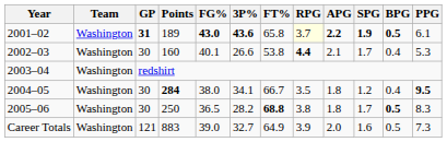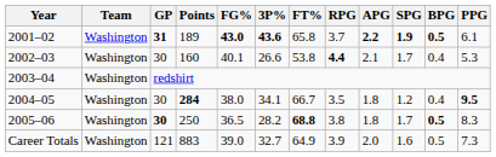 <table class="wikitable">
 <tr>
 <th>Year</th>
 <th>Team</th>
 <th>GP</th>
 <th>Points</th>
 <th>FG%</th>
 <th>3P%</th>
 <th>FT%</th>
 <th>RPG</th>
 <th>APG</th>
 <th>SPG</th>
 <th>BPG</th>
 <th>PPG</th>
 </tr>
 <tr>
 <td>2001–02</td>
 <td><a href='#'>Washington</a></td>
 <td><strong>31</strong></td>
 <td>189</td>
 <td><strong>43.0</strong></td>
 <td><strong>43.6</strong></td>
 <td>65.8</td>
-<td style="background: lightyellow;">3.7</td>
+<td>3.7</td>
 <td><strong>2.2</strong></td>
 <td><strong>1.9</strong></td>
 <td><strong>0.5</strong></td>
 <td>6.1</td>
 </tr>
 <tr>
 <td>2002–03</td>
 <td>Washington</td>
 <td>30</td>
 <td>160</td>
 <td>40.1</td>
 <td>26.6</td>
 <td>53.8</td>
 <td><strong>4.4</strong></td>
 <td>2.1</td>
 <td>1.7</td>
 <td>0.4</td>
 <td>5.3</td>
 </tr>
 <tr>
 <td>2003–04</td>
 <td>Washington</td>
 <td colspan="10"><a href='#'>redshirt</a></td>
 </tr>
 <tr>
 <td>2004–05</td>
 <td>Washington</td>
 <td>30</td>
 <td><strong>284</strong></td>
 <td>38.0</td>
 <td>34.1</td>
 <td>66.7</td>
 <td>3.5</td>
 <td>1.8</td>
 <td>1.2</td>
 <td>0.4</td>
 <td><strong>9.5</strong></td>
 </tr>
 <tr>
 <td>2005–06</td>
 <td>Washington</td>
-<td>30</td>
+<td><strong>30</strong></td>
 <td>250</td>
 <td>36.5</td>
 <td>28.2</td>
 <td><strong>68.8</strong></td>
 <td>3.8</td>
 <td>1.8</td>
 <td>1.7</td>
 <td><strong>0.5</strong></td>
 <td>8.3</td>
 </tr>
 <tr>
 <td>Career Totals</td>
 <td>Washington</td>
 <td>121</td>
 <td>883</td>
 <td>39.0</td>
 <td>32.7</td>
 <td>64.9</td>
 <td>3.9</td>
 <td>2.0</td>
 <td>1.6</td>
 <td>0.5</td>
 <td>7.3</td>
 </tr>
 </table>
